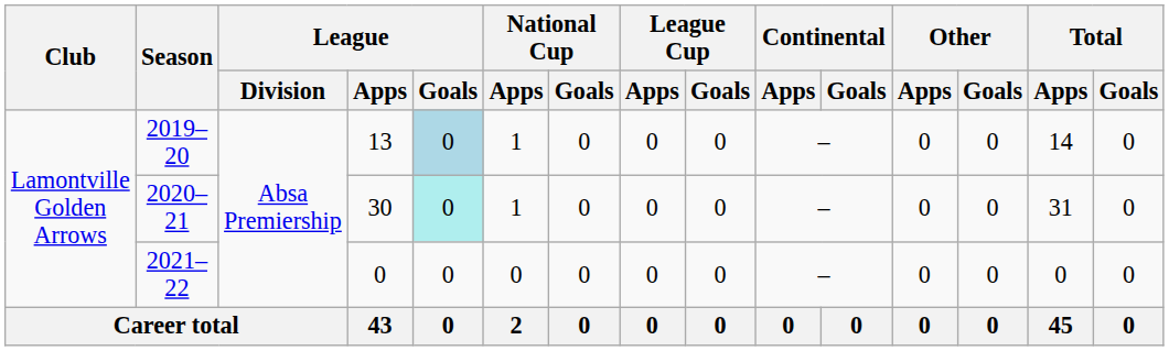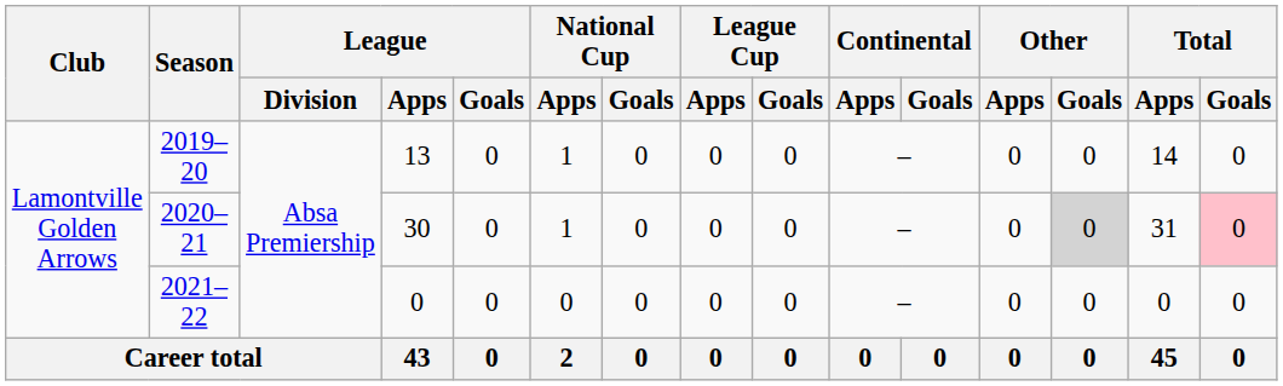 <table class="wikitable" style="text-align: center">
 <tr>
 <th rowspan="2">Club</th>
 <th rowspan="2">Season</th>
 <th colspan="3">League</th>
 <th colspan="2">National Cup</th>
 <th colspan="2">League Cup</th>
 <th colspan="2">Continental</th>
 <th colspan="2">Other</th>
 <th colspan="2">Total</th>
 </tr>
 <tr>
 <th>Division</th>
 <th>Apps</th>
 <th>Goals</th>
 <th>Apps</th>
 <th>Goals</th>
 <th>Apps</th>
 <th>Goals</th>
 <th>Apps</th>
 <th>Goals</th>
 <th>Apps</th>
 <th>Goals</th>
 <th>Apps</th>
 <th>Goals</th>
 </tr>
 <tr>
 <td rowspan="3"><a href='#'>Lamontville Golden Arrows</a></td>
 <td><a href='#'>2019–20</a></td>
 <td rowspan="3"><a href='#'>Absa Premiership</a></td>
 <td>13</td>
-<td style="background: lightblue;">0</td>
+<td>0</td>
 <td>1</td>
 <td>0</td>
 <td>0</td>
 <td>0</td>
 <td colspan="2">–</td>
 <td>0</td>
 <td>0</td>
 <td>14</td>
 <td>0</td>
 </tr>
 <tr>
 <td><a href='#'>2020–21</a></td>
 <td>30</td>
-<td style="background: paleturquoise;">0</td>
+<td>0</td>
 <td>1</td>
 <td>0</td>
 <td>0</td>
 <td>0</td>
 <td colspan="2">–</td>
 <td>0</td>
-<td>0</td>
+<td style="background: lightgrey;">0</td>
 <td>31</td>
-<td>0</td>
+<td style="background: pink;">0</td>
 </tr>
 <tr>
 <td><a href='#'>2021–22</a></td>
 <td>0</td>
 <td>0</td>
 <td>0</td>
 <td>0</td>
 <td>0</td>
 <td>0</td>
 <td colspan="2">–</td>
 <td>0</td>
 <td>0</td>
 <td>0</td>
 <td>0</td>
 </tr>
 <tr>
 <th colspan=3>Career total</th>
 <th>43</th>
 <th>0</th>
 <th>2</th>
 <th>0</th>
 <th>0</th>
 <th>0</th>
 <th>0</th>
 <th>0</th>
 <th>0</th>
 <th>0</th>
 <th>45</th>
 <th>0</th>
 </tr>
 </table>
